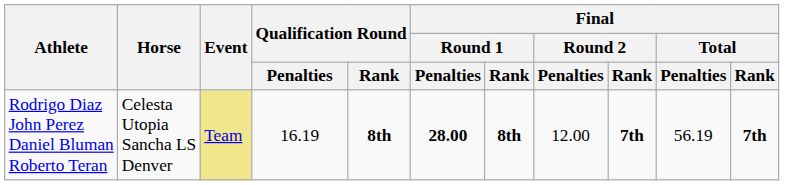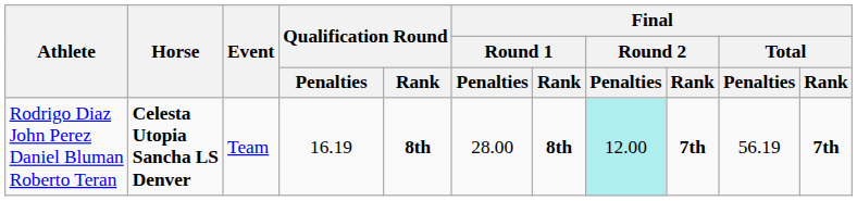 <table class=wikitable style="font-size:90%">
 <tr>
 <th rowspan=3>Athlete</th>
 <th rowspan=3>Horse</th>
 <th rowspan=3>Event</th>
 <th colspan=2 rowspan=2>Qualification Round</th>
 <th colspan=8>Final</th>
 </tr>
 <tr>
 <th colspan=2>Round 1</th>
 <th colspan=2>Round 2</th>
 <th colspan=2>Total</th>
 </tr>
 <tr>
 <th>Penalties</th>
 <th>Rank</th>
 <th>Penalties</th>
 <th>Rank</th>
 <th>Penalties</th>
 <th>Rank</th>
 <th>Penalties</th>
 <th>Rank</th>
 </tr>
 <tr>
 <td><a href='#'>Rodrigo Diaz</a><br><a href='#'>John Perez</a><br><a href='#'>Daniel Bluman</a><br><a href='#'>Roberto Teran</a></td>
-<td>Celesta<br>Utopia<br>Sancha LS<br>Denver</td>
-<td style="background: khaki;"><a href='#'>Team</a></td>
+<td><strong>Celesta<br>Utopia<br>Sancha LS<br>Denver</strong></td>
+<td><a href='#'>Team</a></td>
 <td align=center>16.19</td>
 <td align=center><strong>8th</strong></td>
-<td align=center><strong>28.00</strong></td>
+<td align=center>28.00</td>
 <td align=center><strong>8th</strong></td>
-<td align=center>12.00</td>
+<td align=center style="background: paleturquoise;">12.00</td>
 <td align=center><strong>7th</strong></td>
 <td align=center>56.19</td>
 <td align=center><strong>7th</strong></td>
 </tr>
 </table>
